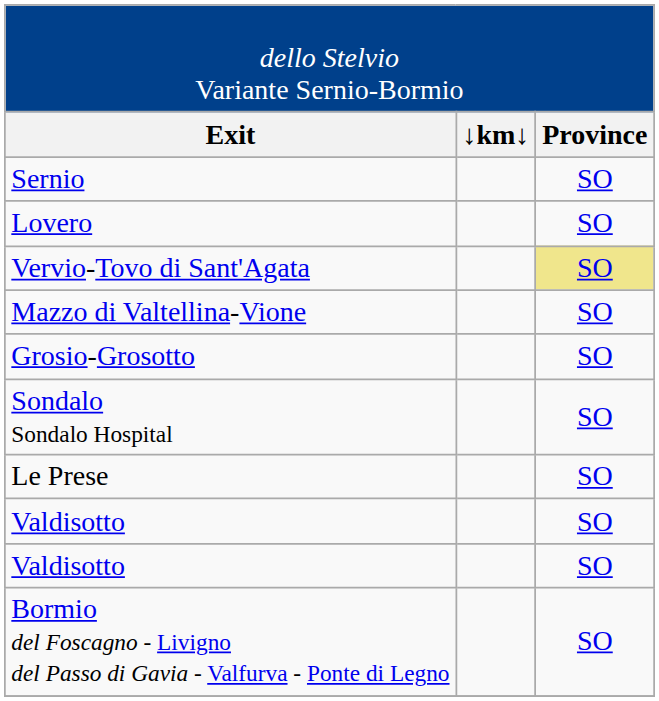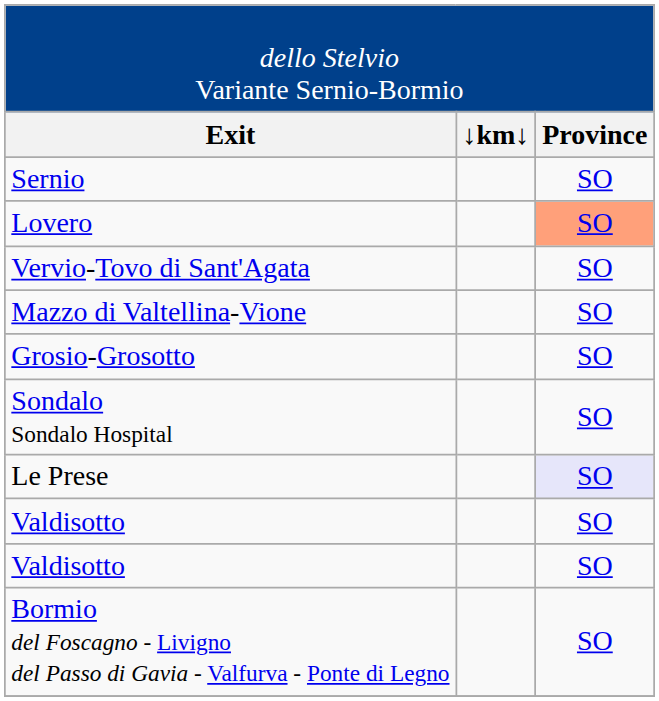 <table class="wikitable">
 <tr align="center" bgcolor="00408B" style="color: white;font-size:100%;">
 <td colspan="5"><br><em>dello Stelvio</em><br>Variante Sernio-Bormio</td>
 </tr>
 <tr>
 <th>Exit</th>
 <th>↓km↓</th>
 <th>Province</th>
 </tr>
 <tr>
 <td> <a href='#'>Sernio</a></td>
 <td align="right"></td>
 <td align="center"><a href='#'>SO</a></td>
 </tr>
 <tr>
 <td> <a href='#'>Lovero</a></td>
 <td align="right"></td>
-<td align="center"><a href='#'>SO</a></td>
+<td align="center" style="background: lightsalmon;"><a href='#'>SO</a></td>
 </tr>
 <tr>
 <td> <a href='#'>Vervio</a>-<a href='#'>Tovo di Sant'Agata</a></td>
 <td align="right"></td>
-<td align="center" style="background: khaki;"><a href='#'>SO</a></td>
+<td align="center"><a href='#'>SO</a></td>
 </tr>
 <tr>
 <td> <a href='#'>Mazzo di Valtellina</a>-<a href='#'>Vione</a></td>
 <td align="right"></td>
 <td align="center"><a href='#'>SO</a></td>
 </tr>
 <tr>
 <td> <a href='#'>Grosio</a>-<a href='#'>Grosotto</a></td>
 <td align="right"></td>
 <td align="center"><a href='#'>SO</a></td>
 </tr>
 <tr>
 <td> <a href='#'>Sondalo</a><br><small> Sondalo Hospital</small></td>
 <td></td>
 <td align="center"><a href='#'>SO</a></td>
 </tr>
 <tr>
 <td> Le Prese</td>
 <td align="right"></td>
-<td align="center"><a href='#'>SO</a></td>
+<td align="center" style="background: lavender;"><a href='#'>SO</a></td>
 </tr>
 <tr>
 <td> <a href='#'>Valdisotto</a></td>
 <td align="right"></td>
 <td align="center"><a href='#'>SO</a></td>
 </tr>
 <tr>
 <td> <a href='#'>Valdisotto</a></td>
 <td align="right"></td>
 <td align="center"><a href='#'>SO</a></td>
 </tr>
 <tr>
 <td> <a href='#'>Bormio</a><br><small> <em>del Foscagno</em> - <a href='#'>Livigno</a><br> <em>del Passo di Gavia</em> - <a href='#'>Valfurva</a> - <a href='#'>Ponte di Legno</a></small></td>
 <td align="right"></td>
 <td align="center"><a href='#'>SO</a></td>
 </tr>
 <tr>
 </tr>
 </table>
